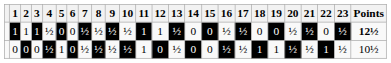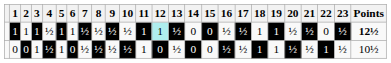 <table class="wikitable" style="text-align:center">
 <tr>
 <th></th>
 <th>1</th>
 <th>2</th>
 <th>3</th>
 <th>4</th>
 <th>5</th>
 <th>6</th>
 <th>7</th>
 <th>8</th>
 <th>9</th>
 <th>10</th>
 <th>11</th>
 <th>12</th>
 <th>13</th>
 <th>14</th>
 <th>15</th>
 <th>16</th>
 <th>17</th>
 <th>18</th>
 <th>19</th>
 <th>20</th>
 <th>21</th>
 <th>22</th>
 <th>23</th>
 <th>Points</th>
 </tr>
 <tr>
 <td align=left></td>
 <td style="background:black; color:white">1</td>
 <td>1</td>
 <td style="background:black; color:white">1</td>
 <td>½</td>
-<td style="background:black; color:white">0</td>
-<td>0</td>
+<td style="background:black; color:white">1</td>
+<td>1</td>
 <td style="background:black; color:white">½</td>
 <td>½</td>
 <td style="background:black; color:white">½</td>
 <td>½</td>
 <td style="background:black; color:white">1</td>
-<td>1</td>
+<td style="background: paleturquoise;">1</td>
 <td style="background:black; color:white">½</td>
 <td>0</td>
 <td style="background:black; color:white">0</td>
 <td>½</td>
 <td style="background:black; color:white">½</td>
-<td>0</td>
-<td style="background:black; color:white">0</td>
+<td>1</td>
+<td style="background:black; color:white">1</td>
 <td>½</td>
 <td style="background:black; color:white">½</td>
 <td>0</td>
 <td style="background:black; color:white">½</td>
 <td><strong>12½</strong></td>
 </tr>
 <tr>
 <td align=left></td>
 <td>0</td>
 <td style="background:black; color:white">0</td>
-<td>0</td>
+<td>1</td>
 <td style="background:black; color:white">½</td>
 <td>1</td>
 <td style="background:black; color:white">0</td>
 <td>½</td>
 <td style="background:black; color:white">½</td>
 <td>½</td>
 <td style="background:black; color:white">½</td>
 <td>1</td>
 <td style="background:black; color:white">0</td>
 <td>½</td>
 <td style="background:black; color:white">0</td>
 <td>0</td>
 <td style="background:black; color:white">½</td>
 <td>½</td>
 <td style="background:black; color:white">1</td>
 <td>1</td>
 <td style="background:black; color:white">½</td>
 <td>½</td>
 <td style="background:black; color:white">1</td>
 <td>½</td>
 <td>10½</td>
 </tr>
 </table>
